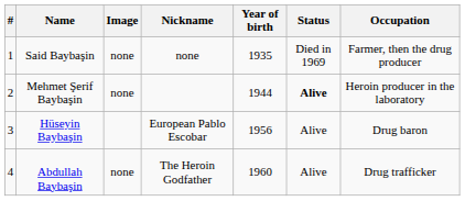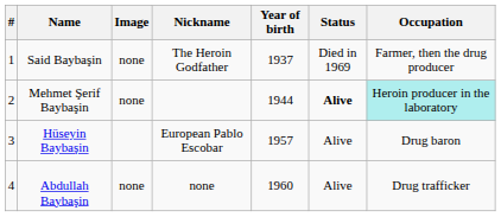 <table class="wikitable sortable" style="margin: left">
 <tr>
 <th class="unsortable">#</th>
 <th class="unsortable">Name</th>
 <th class="unsortable">Image</th>
 <th class="unsortable">Nickname</th>
 <th class="unsortable">Year of birth</th>
 <th class="unsortable">Status</th>
 <th class="unsortable">Occupation</th>
 </tr>
 <tr style="vertical-align:middle; height:50px; text-align:center;">
 <td>1</td>
 <td>Said Baybaşin</td>
 <td>none</td>
-<td>none</td>
-<td>1935</td>
+<td>The Heroin Godfather</td>
+<td>1937</td>
 <td>Died in 1969</td>
 <td>Farmer, then the drug producer</td>
 </tr>
 <tr style="vertical-align:middle; height:50px; text-align:center;">
 <td>2</td>
 <td>Mehmet Şerif Baybaşin</td>
 <td>none</td>
 <td></td>
 <td>1944</td>
 <td><strong>Alive</strong></td>
-<td>Heroin producer in the laboratory</td>
+<td style="background: paleturquoise;">Heroin producer in the laboratory</td>
 </tr>
 <tr style="vertical-align:middle; height:50px; text-align:center;">
 <td>3</td>
 <td><a href='#'>Hüseyin Baybaşin</a></td>
 <td></td>
 <td>European Pablo Escobar</td>
-<td>1956</td>
+<td>1957</td>
 <td>Alive</td>
 <td>Drug baron</td>
 </tr>
 <tr style="vertical-align:middle; height:50px; text-align:center;">
 <td>4</td>
 <td><br><a href='#'>Abdullah Baybaşin</a><br></td>
 <td>none</td>
-<td>The Heroin Godfather</td>
+<td>none</td>
 <td>1960</td>
 <td>Alive</td>
 <td>Drug trafficker</td>
 </tr>
 </table>
